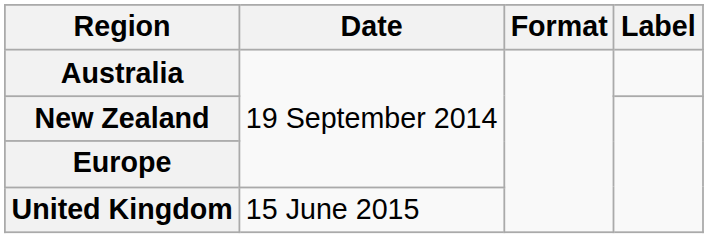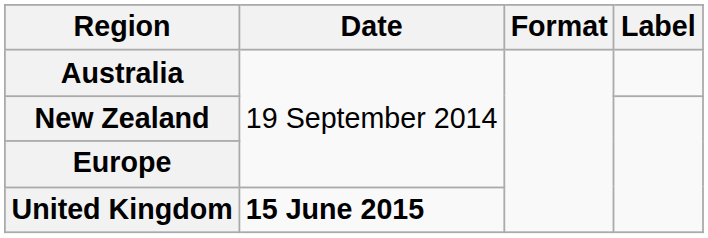 <table class="wikitable plainrowheaders">
 <tr>
 <th scope="col">Region</th>
 <th scope="col">Date</th>
 <th scope="col">Format</th>
 <th scope="col">Label</th>
 </tr>
 <tr>
 <th scope="row">Australia</th>
 <td rowspan="3">19 September 2014</td>
 <td rowspan="4"></td>
 </tr>
 <tr>
 <th scope="row">New Zealand</th>
 <td rowspan="3"></td>
 </tr>
 <tr>
 <th scope="row">Europe</th>
 </tr>
 <tr>
 <th scope="row">United Kingdom</th>
-<td>15 June 2015</td>
+<td><strong>15 June 2015</strong></td>
 </tr>
 </table>
